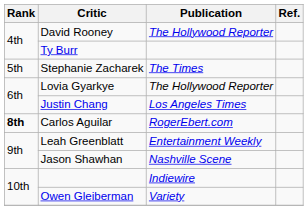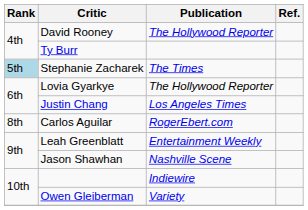 <table class="wikitable sortable">
 <tr>
 <th class="unsortable">Rank</th>
 <th class="unsortable">Critic</th>
 <th class="unsortable">Publication</th>
 <th class="unsortable">Ref.</th>
 </tr>
 <tr>
 <td rowspan="2">4th</td>
 <td>David Rooney</td>
 <td><em><a href='#'>The Hollywood Reporter</a></em></td>
 <td></td>
 </tr>
 <tr>
 <td><a href='#'>Ty Burr</a></td>
 <td></td>
 <td></td>
 </tr>
 <tr>
-<td>5th</td>
+<td style="background: lightblue;">5th</td>
 <td>Stephanie Zacharek</td>
 <td><em><a href='#'>The Times</a></em></td>
 <td></td>
 </tr>
 <tr>
 <td rowspan="2">6th</td>
 <td>Lovia Gyarkye</td>
 <td><em>The Hollywood Reporter</em></td>
 <td></td>
 </tr>
 <tr>
 <td><a href='#'>Justin Chang</a></td>
 <td><em><a href='#'>Los Angeles Times</a></em></td>
 <td></td>
 </tr>
 <tr>
-<td><strong>8th</strong></td>
+<td>8th</td>
 <td>Carlos Aguilar</td>
 <td><em><a href='#'>RogerEbert.com</a></em></td>
 <td></td>
 </tr>
 <tr>
 <td rowspan="2">9th</td>
 <td>Leah Greenblatt</td>
 <td><em><a href='#'>Entertainment Weekly</a></em></td>
 <td></td>
 </tr>
 <tr>
 <td>Jason Shawhan</td>
 <td><em><a href='#'>Nashville Scene</a></em></td>
 <td></td>
 </tr>
 <tr>
 <td rowspan="2">10th</td>
 <td></td>
 <td><em><a href='#'>Indiewire</a></em></td>
 <td></td>
 </tr>
 <tr>
 <td><a href='#'>Owen Gleiberman</a></td>
 <td><em><a href='#'>Variety</a></em></td>
 <td></td>
 </tr>
 <tr>
 </tr>
 </table>
